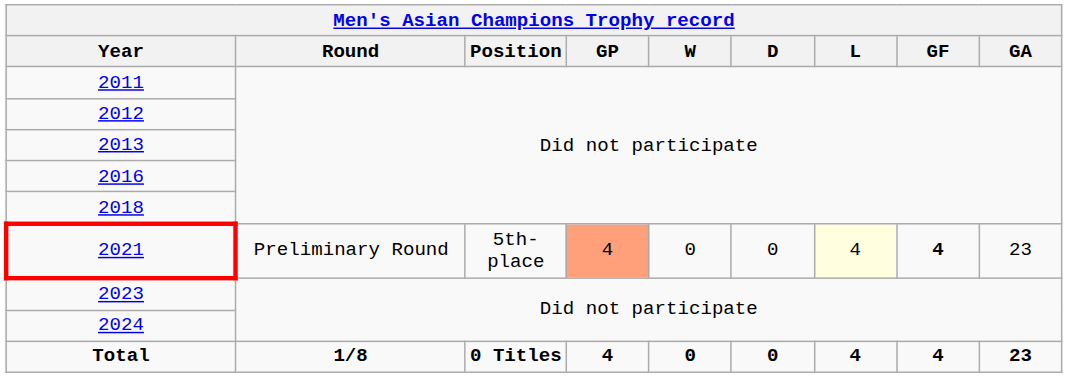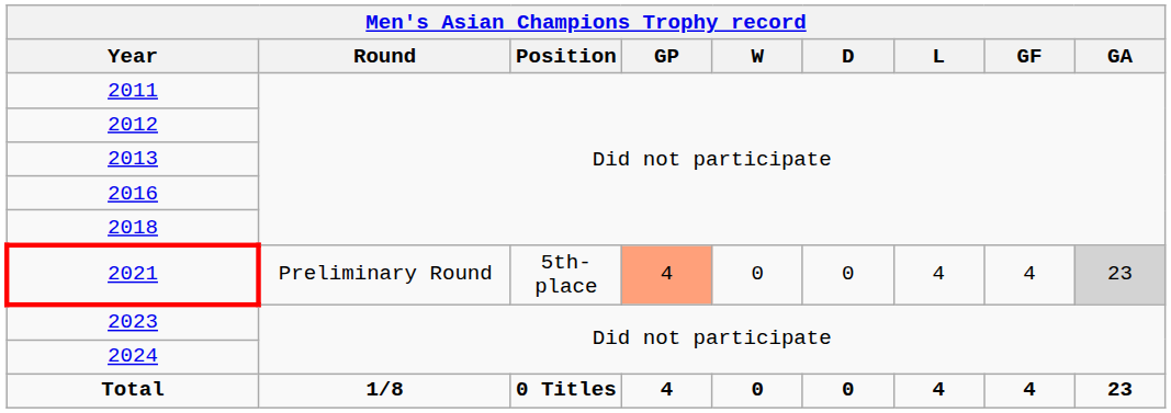 <table class="wikitable" style="text-align: center;">
 <tr>
 <th colspan=9><a href='#'>Men's Asian Champions Trophy record</a></th>
 </tr>
 <tr>
 <th width=150>Year</th>
 <th width=150>Round</th>
 <th width=50>Position</th>
 <th width=50>GP</th>
 <th width=50>W</th>
 <th width=50>D</th>
 <th width=50>L</th>
 <th width=50>GF</th>
 <th width=50>GA</th>
 </tr>
 <tr>
 <td> <a href='#'>2011</a></td>
 <td colspan=8 rowspan=5>Did not participate</td>
 </tr>
 <tr>
 <td> <a href='#'>2012</a></td>
 </tr>
 <tr>
 <td> <a href='#'>2013</a></td>
 </tr>
 <tr>
 <td> <a href='#'>2016</a></td>
 </tr>
 <tr>
 <td> <a href='#'>2018</a></td>
 </tr>
 <tr>
 <td style="border: 3px solid red"> <a href='#'>2021</a></td>
 <td>Preliminary Round</td>
 <td>5th-place</td>
 <td style="background: lightsalmon;">4</td>
 <td>0</td>
 <td>0</td>
-<td style="background: lightyellow;">4</td>
-<td><strong>4</strong></td>
-<td>23</td>
+<td>4</td>
+<td>4</td>
+<td style="background: lightgrey;">23</td>
 </tr>
 <tr>
 <td> <a href='#'>2023</a></td>
 <td colspan=8 rowspan=2>Did not participate</td>
 </tr>
 <tr>
 <td> <a href='#'>2024</a></td>
 </tr>
 <tr>
 <td><strong>Total</strong></td>
 <td><strong>1/8</strong></td>
 <td><strong>0 Titles</strong></td>
 <td><strong>4</strong></td>
 <td><strong>0</strong></td>
 <td><strong>0</strong></td>
 <td><strong>4</strong></td>
 <td><strong>4</strong></td>
 <td><strong>23</strong></td>
 </tr>
 </table>
